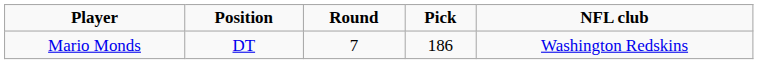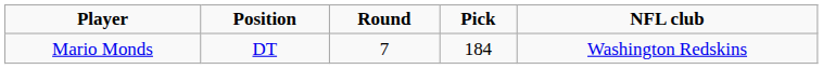 <table class="wikitable" width="80%">
 <tr align="center">
 <td><strong>Player</strong></td>
 <td><strong>Position</strong></td>
 <td><strong>Round</strong></td>
 <td><strong>Pick</strong></td>
 <td><strong>NFL club</strong></td>
 </tr>
 <tr align="center" bgcolor="">
 <td><a href='#'>Mario Monds</a></td>
 <td><a href='#'>DT</a></td>
 <td>7</td>
-<td>186</td>
+<td>184</td>
 <td><a href='#'>Washington Redskins</a></td>
 </tr>
 </table>
